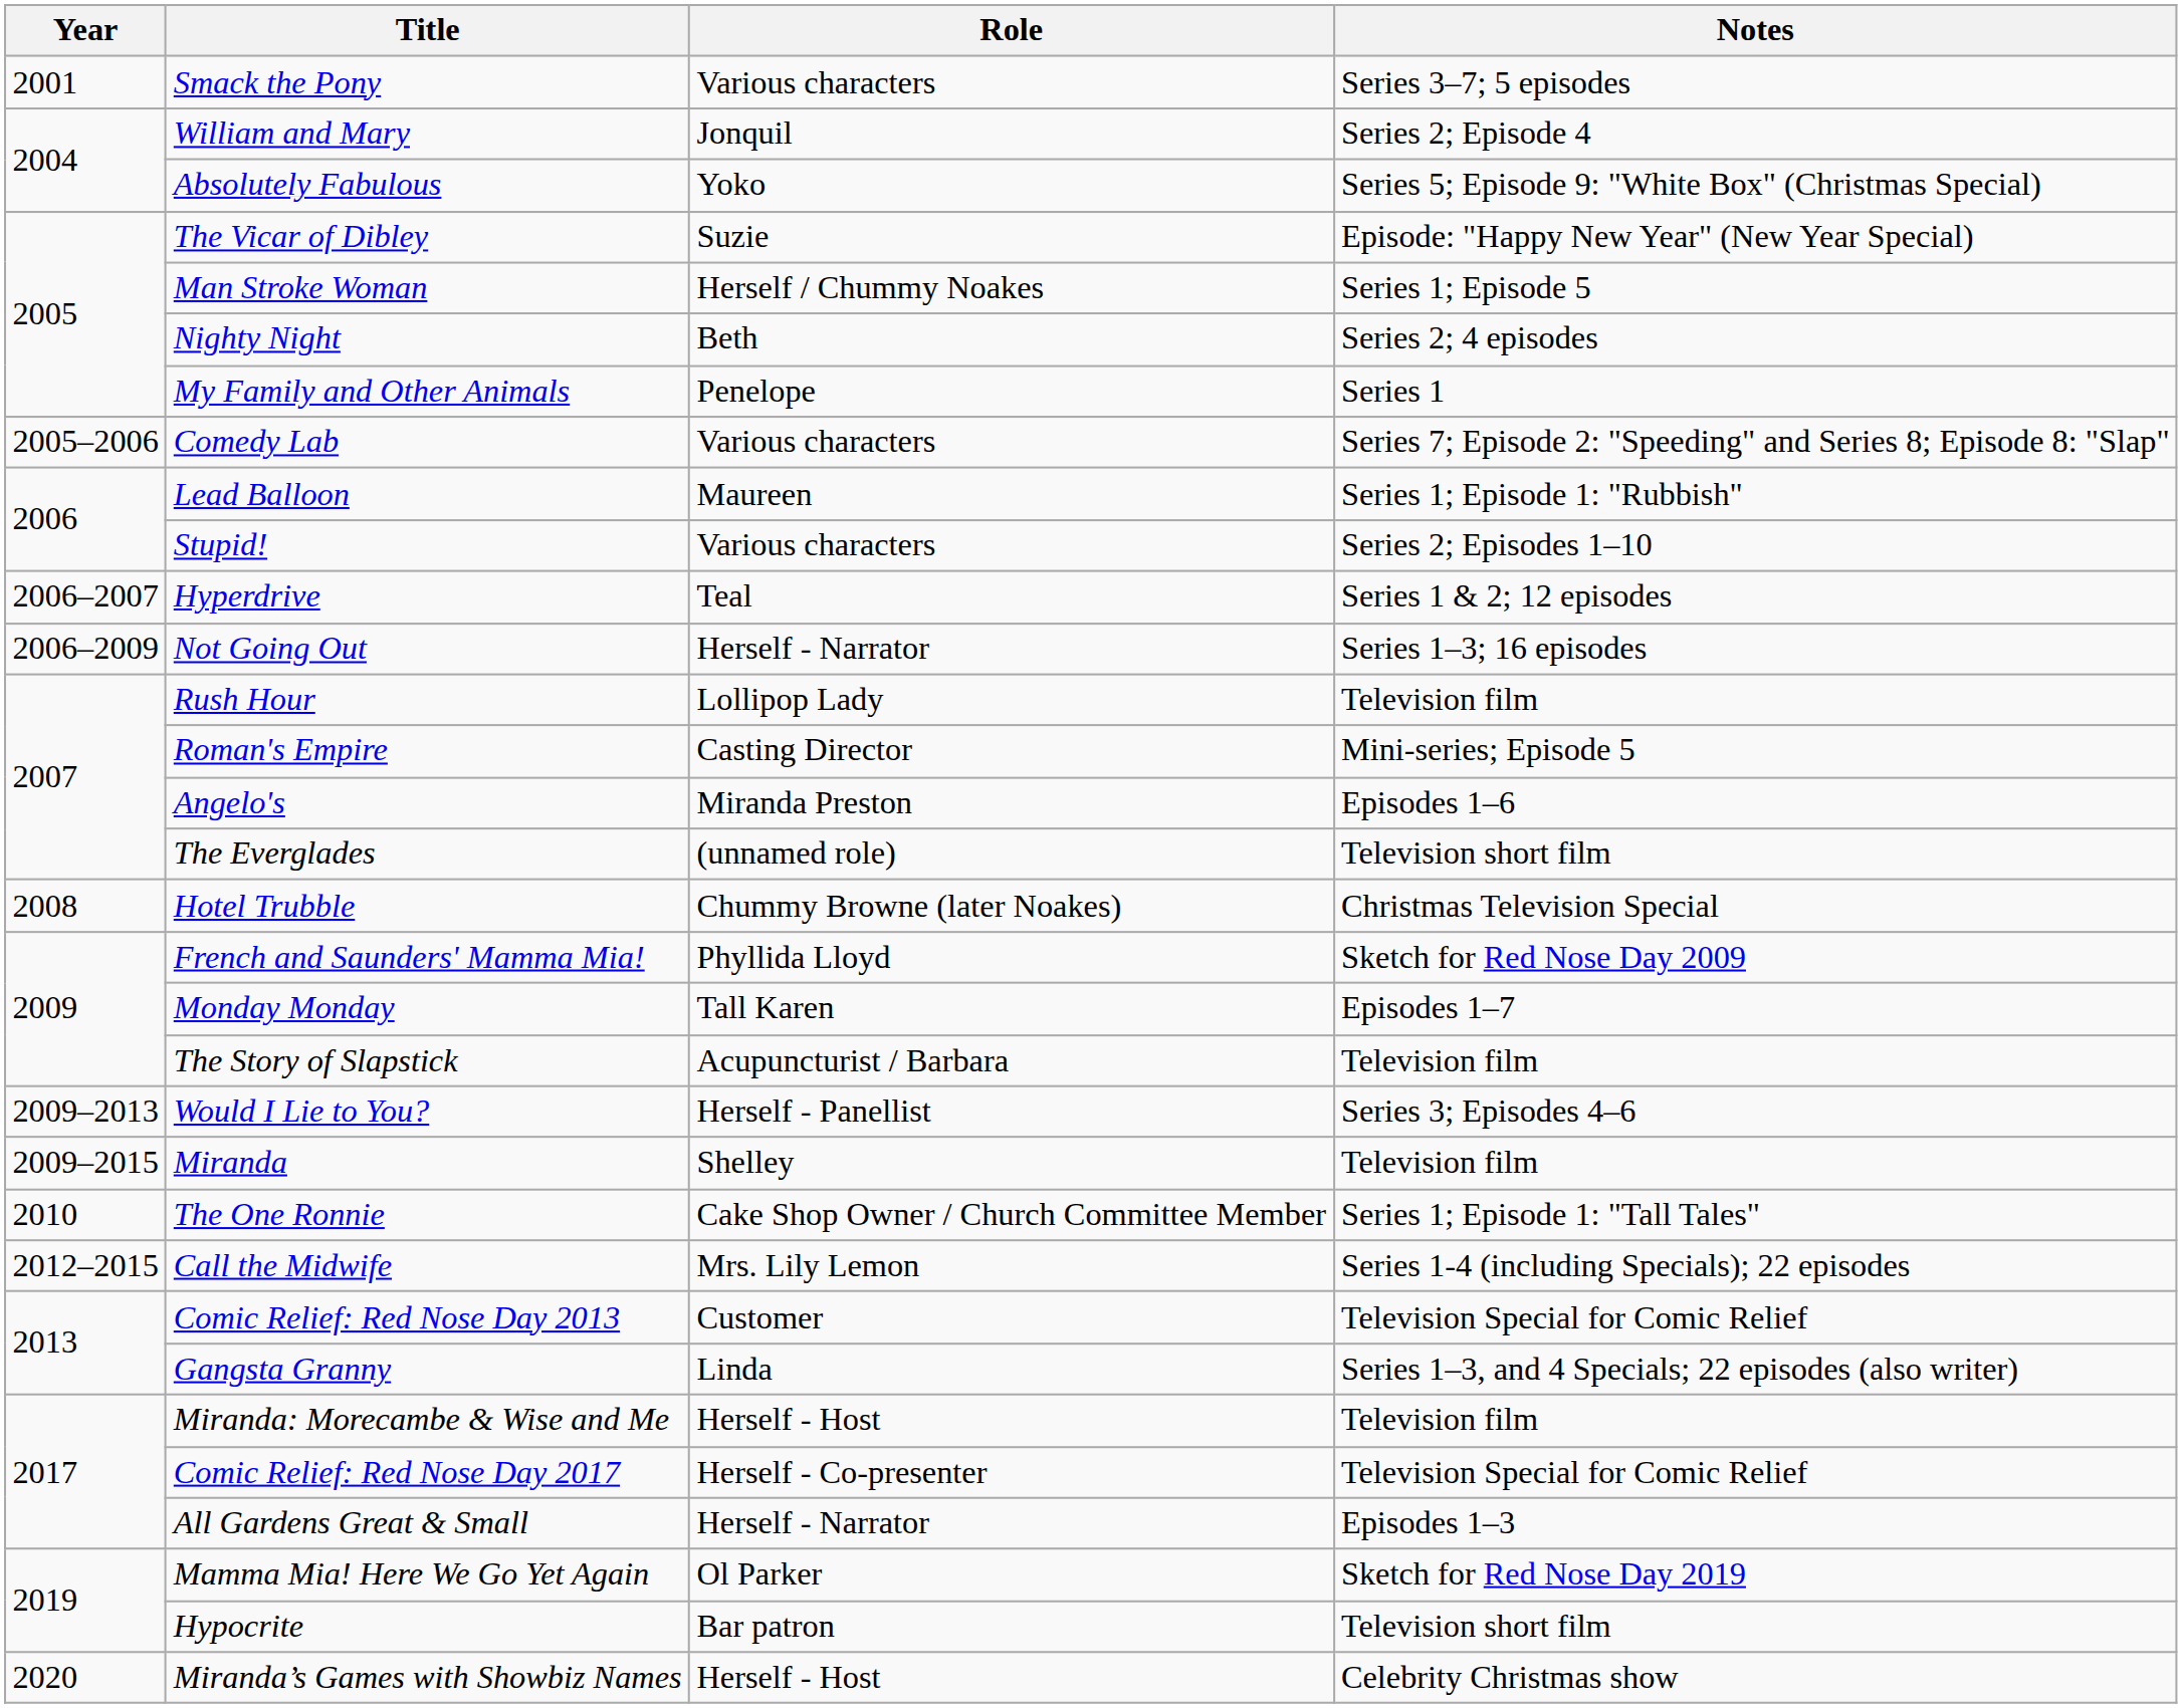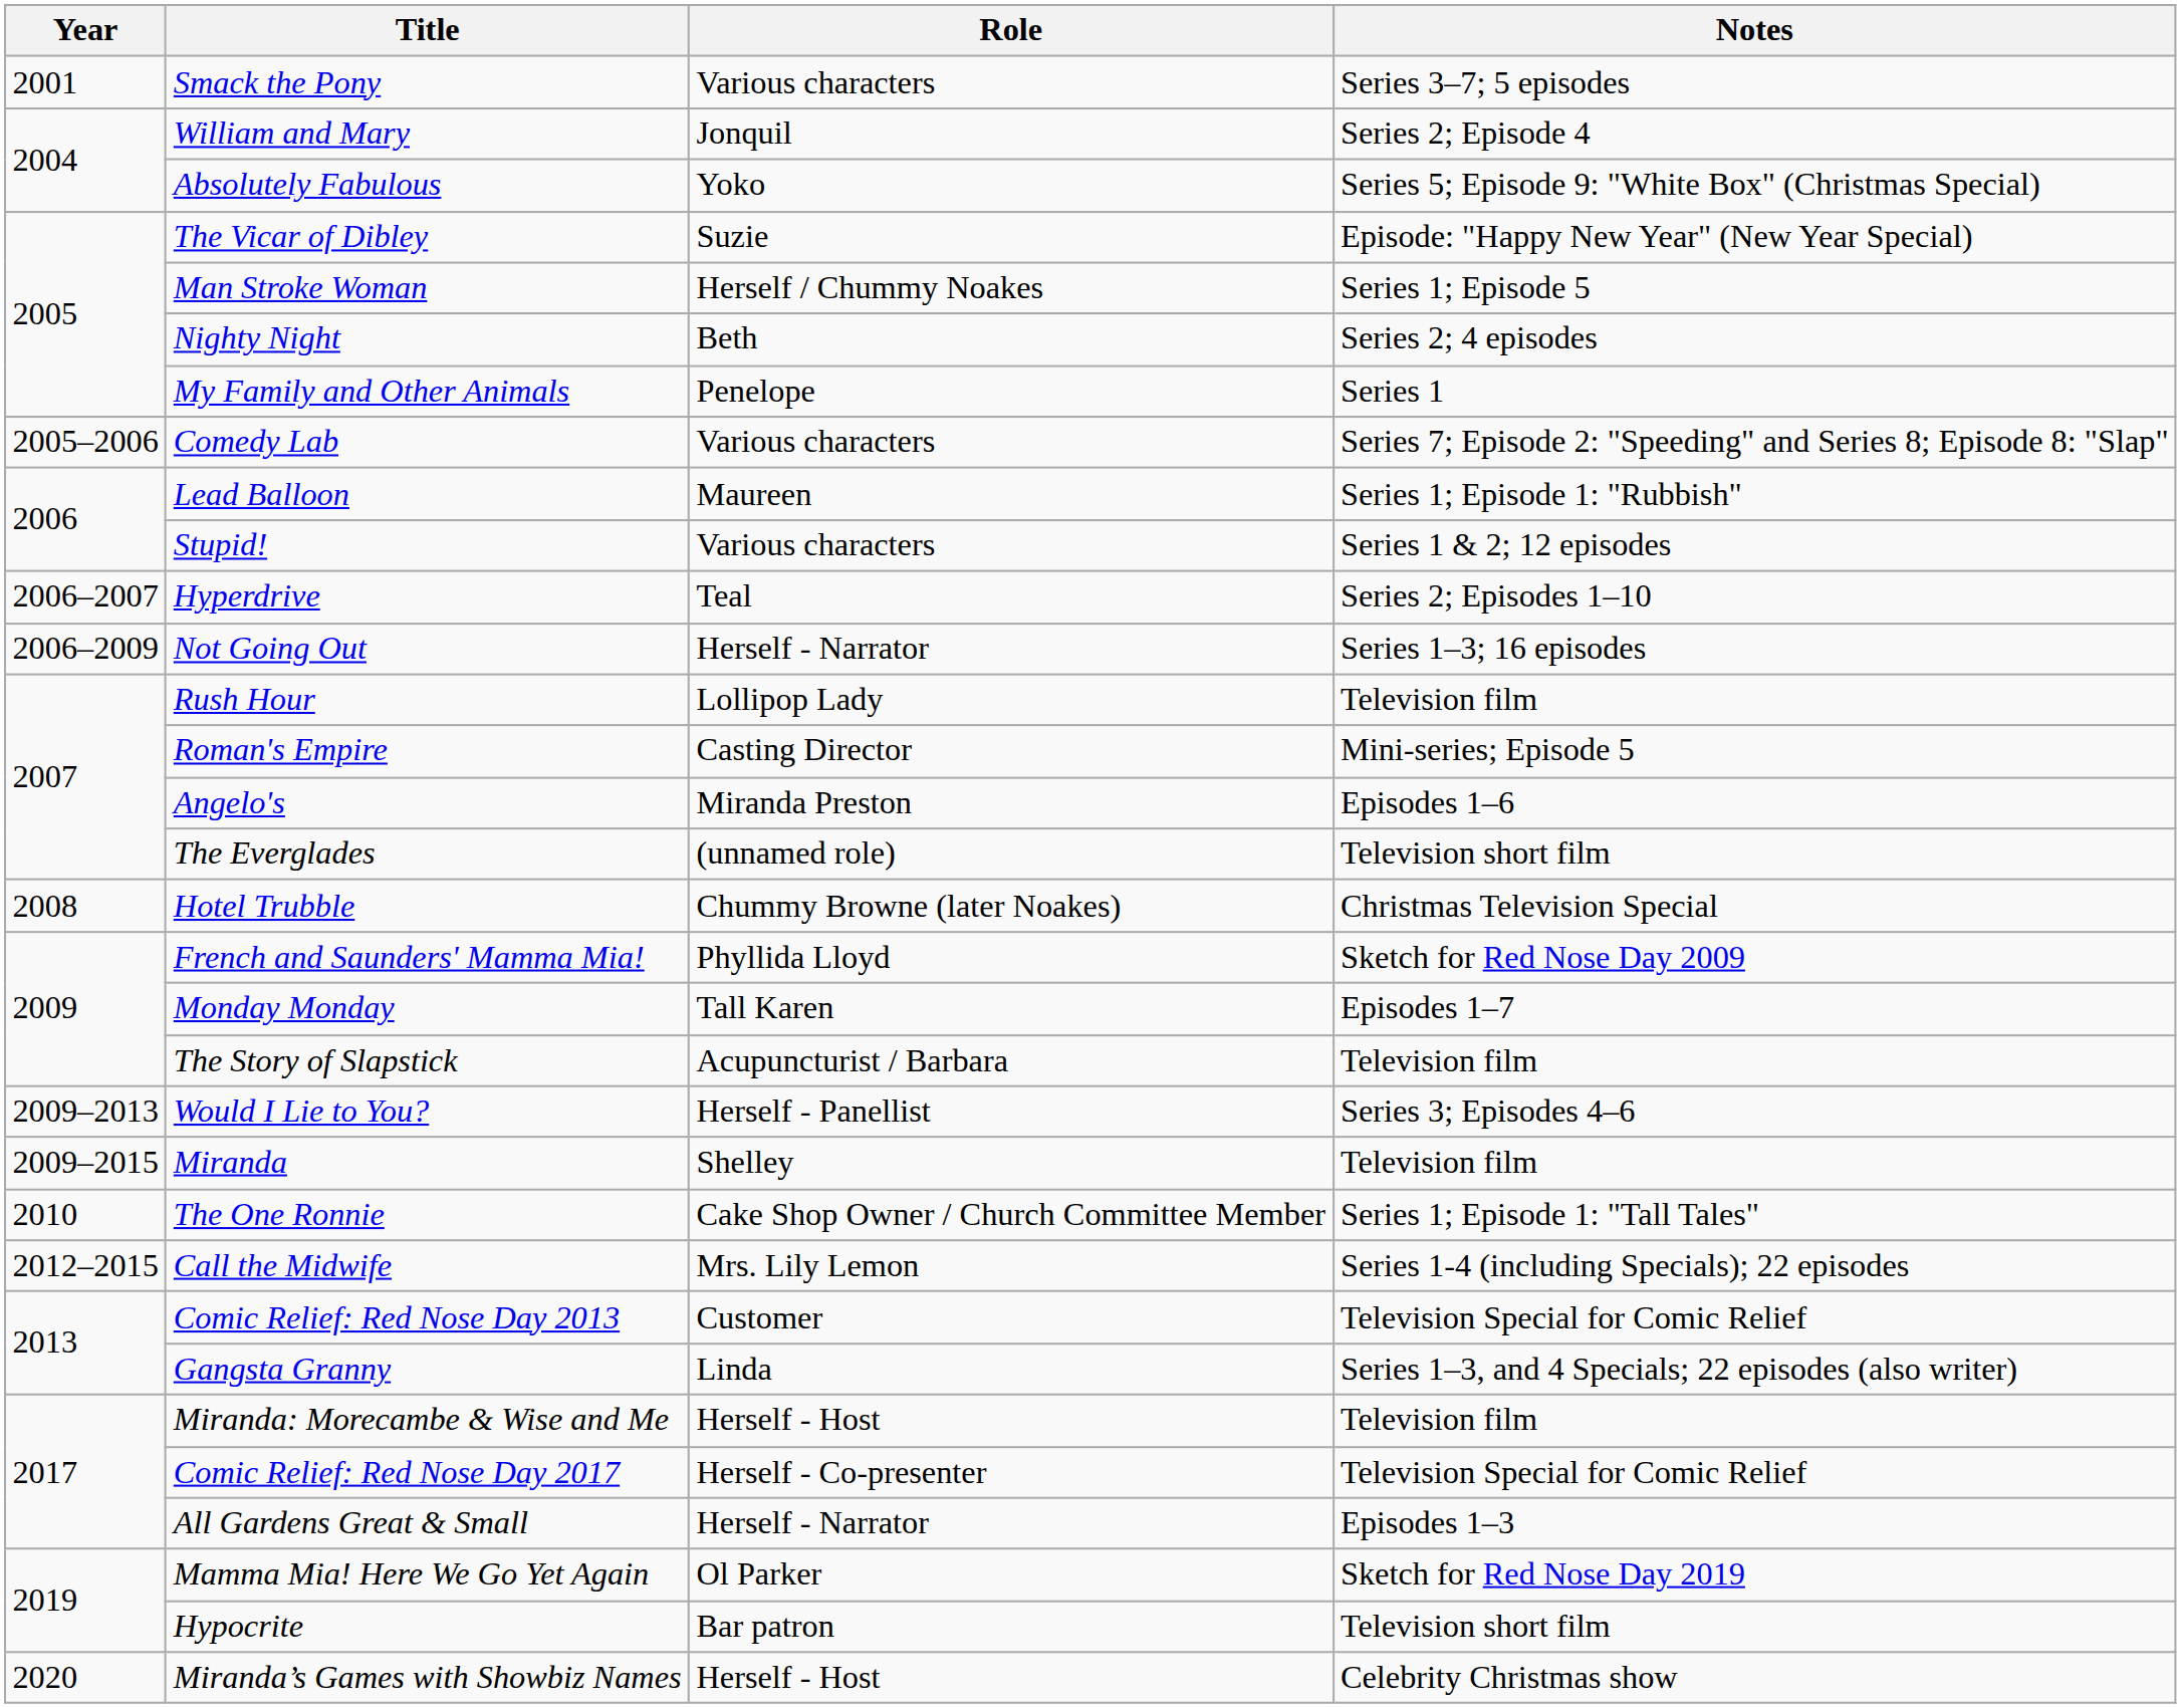 <table class="wikitable">
 <tr>
 <th>Year</th>
 <th>Title</th>
 <th>Role</th>
 <th>Notes</th>
 </tr>
 <tr>
 <td>2001</td>
 <td><em><a href='#'>Smack the Pony</a></em></td>
 <td>Various characters</td>
 <td>Series 3–7; 5 episodes</td>
 </tr>
 <tr>
 <td rowspan="2">2004</td>
 <td><em><a href='#'>William and Mary</a></em></td>
 <td>Jonquil</td>
 <td>Series 2; Episode 4</td>
 </tr>
 <tr>
 <td><em><a href='#'>Absolutely Fabulous</a></em></td>
 <td>Yoko</td>
 <td>Series 5; Episode 9: "White Box" (Christmas Special)</td>
 </tr>
 <tr>
 <td rowspan="4">2005</td>
 <td><em><a href='#'>The Vicar of Dibley</a></em></td>
 <td>Suzie</td>
 <td>Episode: "Happy New Year" (New Year Special)</td>
 </tr>
 <tr>
 <td><em><a href='#'>Man Stroke Woman</a></em></td>
 <td>Herself / Chummy Noakes</td>
 <td>Series 1; Episode 5</td>
 </tr>
 <tr>
 <td><em><a href='#'>Nighty Night</a></em></td>
 <td>Beth</td>
 <td>Series 2; 4 episodes</td>
 </tr>
 <tr>
 <td><em><a href='#'>My Family and Other Animals</a></em></td>
 <td>Penelope</td>
 <td>Series 1</td>
 </tr>
 <tr>
 <td>2005–2006</td>
 <td><em><a href='#'>Comedy Lab</a></em></td>
 <td>Various characters</td>
 <td>Series 7; Episode 2: "Speeding" and Series 8; Episode 8: "Slap"</td>
 </tr>
 <tr>
 <td rowspan="2">2006</td>
 <td><em><a href='#'>Lead Balloon</a></em></td>
 <td>Maureen</td>
 <td>Series 1; Episode 1: "Rubbish"</td>
 </tr>
 <tr>
 <td><em><a href='#'>Stupid!</a></em></td>
 <td>Various characters</td>
-<td>Series 2; Episodes 1–10</td>
+<td>Series 1 & 2; 12 episodes</td>
 </tr>
 <tr>
 <td>2006–2007</td>
 <td><em><a href='#'>Hyperdrive</a></em></td>
 <td>Teal</td>
-<td>Series 1 & 2; 12 episodes</td>
+<td>Series 2; Episodes 1–10</td>
 </tr>
 <tr>
 <td>2006–2009</td>
 <td><em><a href='#'>Not Going Out</a></em></td>
 <td>Herself - Narrator</td>
 <td>Series 1–3; 16 episodes</td>
 </tr>
 <tr>
 <td rowspan="4">2007</td>
 <td><em><a href='#'>Rush Hour</a></em></td>
 <td>Lollipop Lady</td>
 <td>Television film</td>
 </tr>
 <tr>
 <td><em><a href='#'>Roman's Empire</a></em></td>
 <td>Casting Director</td>
 <td>Mini-series; Episode 5</td>
 </tr>
 <tr>
 <td><em><a href='#'>Angelo's</a></em></td>
 <td>Miranda Preston</td>
 <td>Episodes 1–6</td>
 </tr>
 <tr>
 <td><em>The Everglades</em></td>
 <td>(unnamed role)</td>
 <td>Television short film</td>
 </tr>
 <tr>
 <td>2008</td>
 <td><em><a href='#'>Hotel Trubble</a></em></td>
 <td>Chummy Browne (later Noakes)</td>
 <td>Christmas Television Special</td>
 </tr>
 <tr>
 <td rowspan="3">2009</td>
 <td><em><a href='#'>French and Saunders' Mamma Mia!</a></em></td>
 <td>Phyllida Lloyd</td>
 <td>Sketch for <a href='#'>Red Nose Day 2009</a></td>
 </tr>
 <tr>
 <td><em><a href='#'>Monday Monday</a></em></td>
 <td>Tall Karen</td>
 <td>Episodes 1–7</td>
 </tr>
 <tr>
 <td><em>The Story of Slapstick</em></td>
 <td>Acupuncturist / Barbara</td>
 <td>Television film</td>
 </tr>
 <tr>
 <td>2009–2013</td>
 <td><em><a href='#'>Would I Lie to You?</a></em></td>
 <td>Herself - Panellist</td>
 <td>Series 3; Episodes 4–6</td>
 </tr>
 <tr>
 <td>2009–2015</td>
 <td><em><a href='#'>Miranda</a></em></td>
 <td>Shelley</td>
 <td>Television film</td>
 </tr>
 <tr>
 <td>2010</td>
 <td><em><a href='#'>The One Ronnie</a></em></td>
 <td>Cake Shop Owner / Church Committee Member</td>
 <td>Series 1; Episode 1: "Tall Tales"</td>
 </tr>
 <tr>
 <td>2012–2015</td>
 <td><em><a href='#'>Call the Midwife</a></em></td>
 <td>Mrs. Lily Lemon</td>
 <td>Series 1-4 (including Specials); 22 episodes</td>
 </tr>
 <tr>
 <td rowspan="2">2013</td>
 <td><em><a href='#'>Comic Relief: Red Nose Day 2013</a></em></td>
 <td>Customer</td>
 <td>Television Special for Comic Relief</td>
 </tr>
 <tr>
 <td><em><a href='#'>Gangsta Granny</a></em></td>
 <td>Linda</td>
 <td>Series 1–3, and 4 Specials; 22 episodes (also writer)</td>
 </tr>
 <tr>
 <td rowspan="3">2017</td>
 <td><em>Miranda: Morecambe & Wise and Me</em></td>
 <td>Herself - Host</td>
 <td>Television film</td>
 </tr>
 <tr>
 <td><em><a href='#'>Comic Relief: Red Nose Day 2017</a></em></td>
 <td>Herself - Co-presenter</td>
 <td>Television Special for Comic Relief</td>
 </tr>
 <tr>
 <td><em>All Gardens Great & Small</em></td>
 <td>Herself - Narrator</td>
 <td>Episodes 1–3</td>
 </tr>
 <tr>
 <td rowspan="2">2019</td>
 <td><em>Mamma Mia! Here We Go Yet Again</em></td>
 <td>Ol Parker</td>
 <td>Sketch for <a href='#'>Red Nose Day 2019</a></td>
 </tr>
 <tr>
 <td><em>Hypocrite</em></td>
 <td>Bar patron</td>
 <td>Television short film</td>
 </tr>
 <tr>
 <td>2020</td>
 <td><em>Miranda’s Games with Showbiz Names</em></td>
 <td>Herself - Host</td>
 <td>Celebrity Christmas show</td>
 </tr>
 </table>
